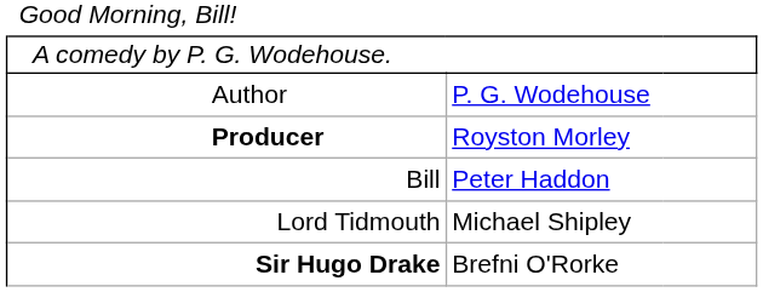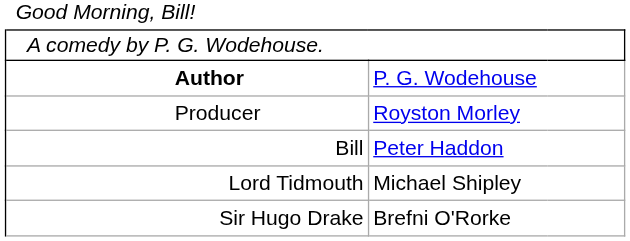 <table class="wikitable mw-collapsible mw-collapsed" style="vertical-align:top;margin:auto 2em;line-height:1.2;max-width:33em;background-color:inherit;border:none;">
 <tr>
 <td class=unsortable style="border:hidden;line-height:1.67;margin-left:-1em;text-align:center;padding-left:0.5em;min-width:1.0em;"></td>
 <td class=unsortable style="border-style:none;padding-left:0.5em;text-align:left;min-width:16.5em;font-weight:400;font-style:italic;">Good Morning, Bill!</td>
 <td class=unsortable style="border-style:none;text-align:right;font-weight:normal; font-size:95%; min-width:8.5em;padding-right:0.2em;"></td>
 <td class=unsortable style="border-style:none;min-width:3.5em;padding-left:0;"></td>
 <td class=unsortable style="border:hidden;min-width:3.5em;font-size:95%;"></td>
 </tr>
 <tr>
 <td rowspan=100 style="border:none thin;border-right-style :solid;"></td>
 <td colspan=3 style="text-align:left;padding:0.1em 1em;font-style:italic;border: solid thin;">A comedy by P. G. Wodehouse.</td>
 </tr>
 <tr>
-<td style="text-align:left;padding-left:8em;">Author</td>
+<td style="text-align:left;padding-left:8em;"><strong>Author</strong></td>
 <td colspan=2><a href='#'>P. G. Wodehouse</a></td>
 </tr>
 <tr>
-<td style="text-align:left;padding-left:8em;"><strong>Producer</strong></td>
+<td style="text-align:left;padding-left:8em;">Producer</td>
 <td colspan=2><a href='#'>Royston Morley</a></td>
 </tr>
 <tr>
 <td style="text-align:right;">Bill</td>
 <td colspan=2><a href='#'>Peter Haddon</a></td>
 </tr>
 <tr>
 <td style="text-align:right;">Lord Tidmouth</td>
 <td colspan=2>Michael Shipley</td>
 </tr>
 <tr>
-<td style="text-align:right;"><strong>Sir Hugo Drake</strong></td>
+<td style="text-align:right;">Sir Hugo Drake</td>
 <td colspan=2>Brefni O'Rorke</td>
 </tr>
 </table>
